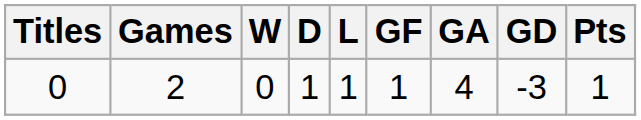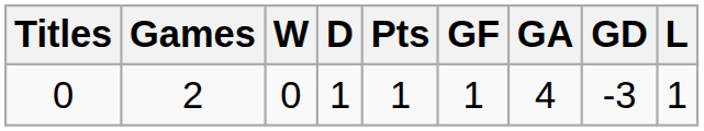 <table class="wikitable" style="text-align: center">
 <tr>
 <th scope="col">Titles</th>
 <th scope="col">Games</th>
 <th scope="col">W</th>
 <th scope="col">D</th>
-<th scope="col">L</th>
+<th scope="col">Pts</th>
 <th scope="col">GF</th>
 <th scope="col">GA</th>
 <th scope="col">GD</th>
-<th scope="col">Pts</th>
+<th scope="col">L</th>
 </tr>
 <tr>
 <td>0</td>
 <td>2</td>
 <td>0</td>
 <td>1</td>
 <td>1</td>
 <td>1</td>
 <td>4</td>
 <td>-3</td>
 <td>1</td>
 </tr>
 </table>
